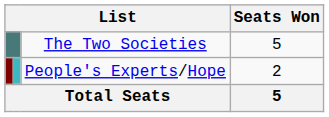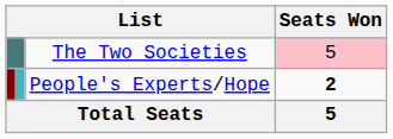 <table class="wikitable" style="text-align:center; margin-left:1em; font-size:91%; float:right;">
 <tr>
 <th colspan=3>List</th>
 <th>Seats Won</th>
 </tr>
 <tr>
 <td style="background:#477979;" colspan="2"></td>
 <td><a href='#'>The Two Societies</a></td>
-<td>5</td>
+<td style="background: pink;">5</td>
 </tr>
 <tr>
 <td style="background:#800000;"></td>
 <td style="background:#3cb8c2;"></td>
 <td><a href='#'>People's Experts</a>/<a href='#'>Hope</a></td>
-<td>2</td>
+<td><strong>2</strong></td>
 </tr>
 <tr>
 <th colspan=3>Total Seats</th>
 <th colspan=2>5</th>
 </tr>
 </table>
